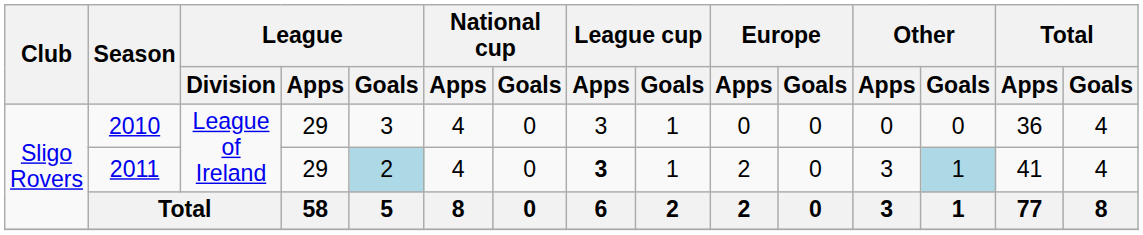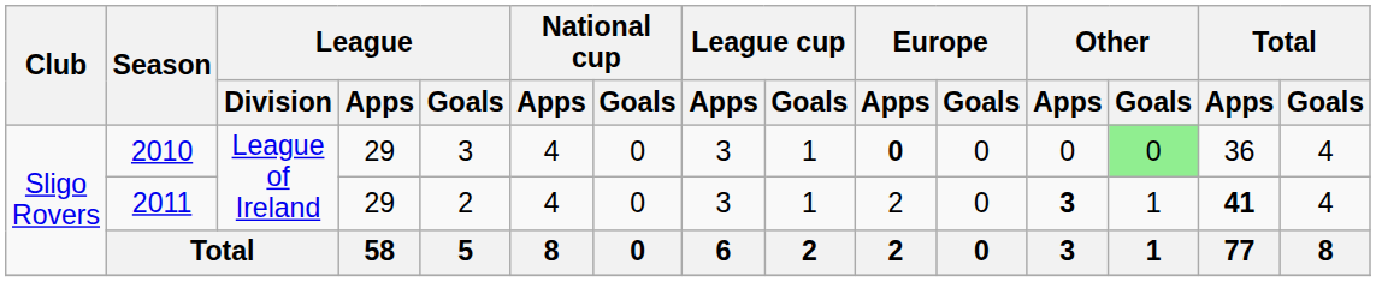 <table class="wikitable" style="text-align:center">
 <tr>
 <th rowspan="2">Club</th>
 <th rowspan="2">Season</th>
 <th colspan="3">League</th>
 <th colspan="2">National cup</th>
 <th colspan="2">League cup</th>
 <th colspan="2">Europe</th>
 <th colspan="2">Other</th>
 <th colspan="2">Total</th>
 </tr>
 <tr>
 <th>Division</th>
 <th>Apps</th>
 <th>Goals</th>
 <th>Apps</th>
 <th>Goals</th>
 <th>Apps</th>
 <th>Goals</th>
 <th>Apps</th>
 <th>Goals</th>
 <th>Apps</th>
 <th>Goals</th>
 <th>Apps</th>
 <th>Goals</th>
 </tr>
 <tr>
 <td rowspan="3"><a href='#'>Sligo Rovers</a></td>
 <td><a href='#'>2010</a></td>
 <td rowspan="2"><a href='#'>League of Ireland</a></td>
 <td>29</td>
 <td>3</td>
 <td>4</td>
 <td>0</td>
 <td>3</td>
 <td>1</td>
+<td><strong>0</strong></td>
 <td>0</td>
 <td>0</td>
-<td>0</td>
-<td>0</td>
+<td style="background: lightgreen;">0</td>
 <td>36</td>
 <td>4</td>
 </tr>
 <tr>
 <td><a href='#'>2011</a></td>
 <td>29</td>
-<td style="background: lightblue;">2</td>
+<td>2</td>
 <td>4</td>
+<td>0</td>
+<td>3</td>
+<td>1</td>
+<td>2</td>
 <td>0</td>
 <td><strong>3</strong></td>
 <td>1</td>
-<td>2</td>
-<td>0</td>
-<td>3</td>
-<td style="background: lightblue;">1</td>
-<td>41</td>
+<td><strong>41</strong></td>
 <td>4</td>
 </tr>
 <tr>
 <th colspan="2">Total</th>
 <th>58</th>
 <th>5</th>
 <th>8</th>
 <th>0</th>
 <th>6</th>
 <th>2</th>
 <th>2</th>
 <th>0</th>
 <th>3</th>
 <th>1</th>
 <th>77</th>
 <th>8</th>
 </tr>
 <tr>
 </tr>
 </table>
